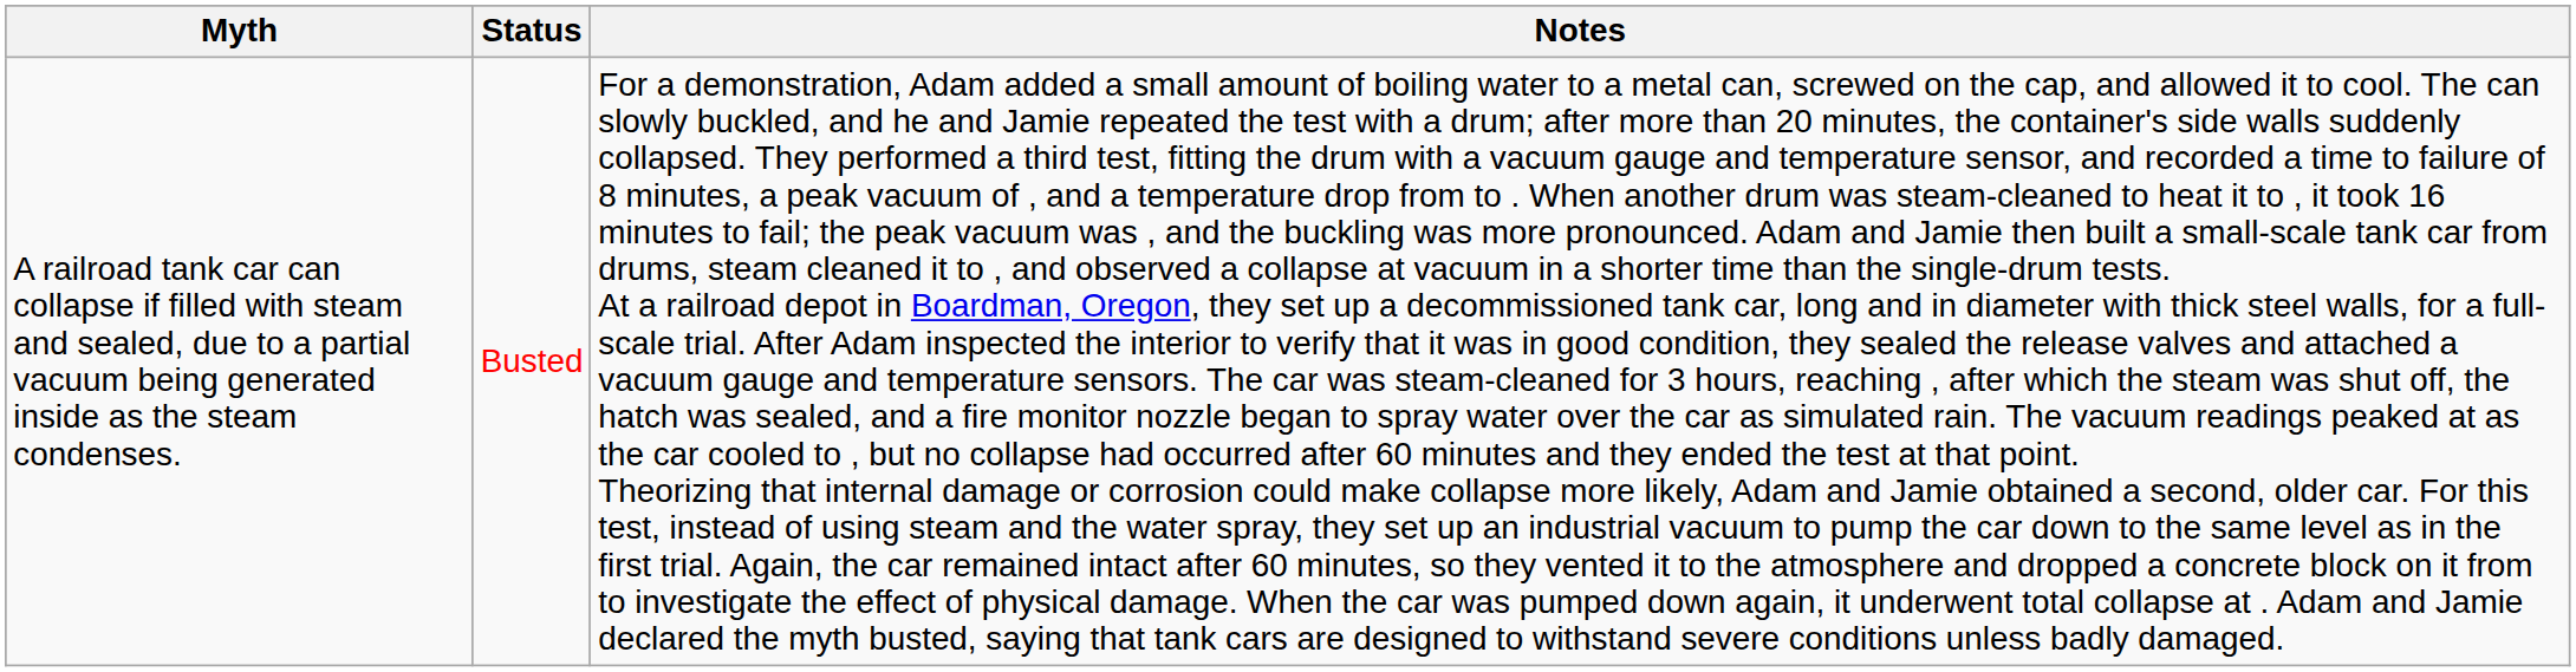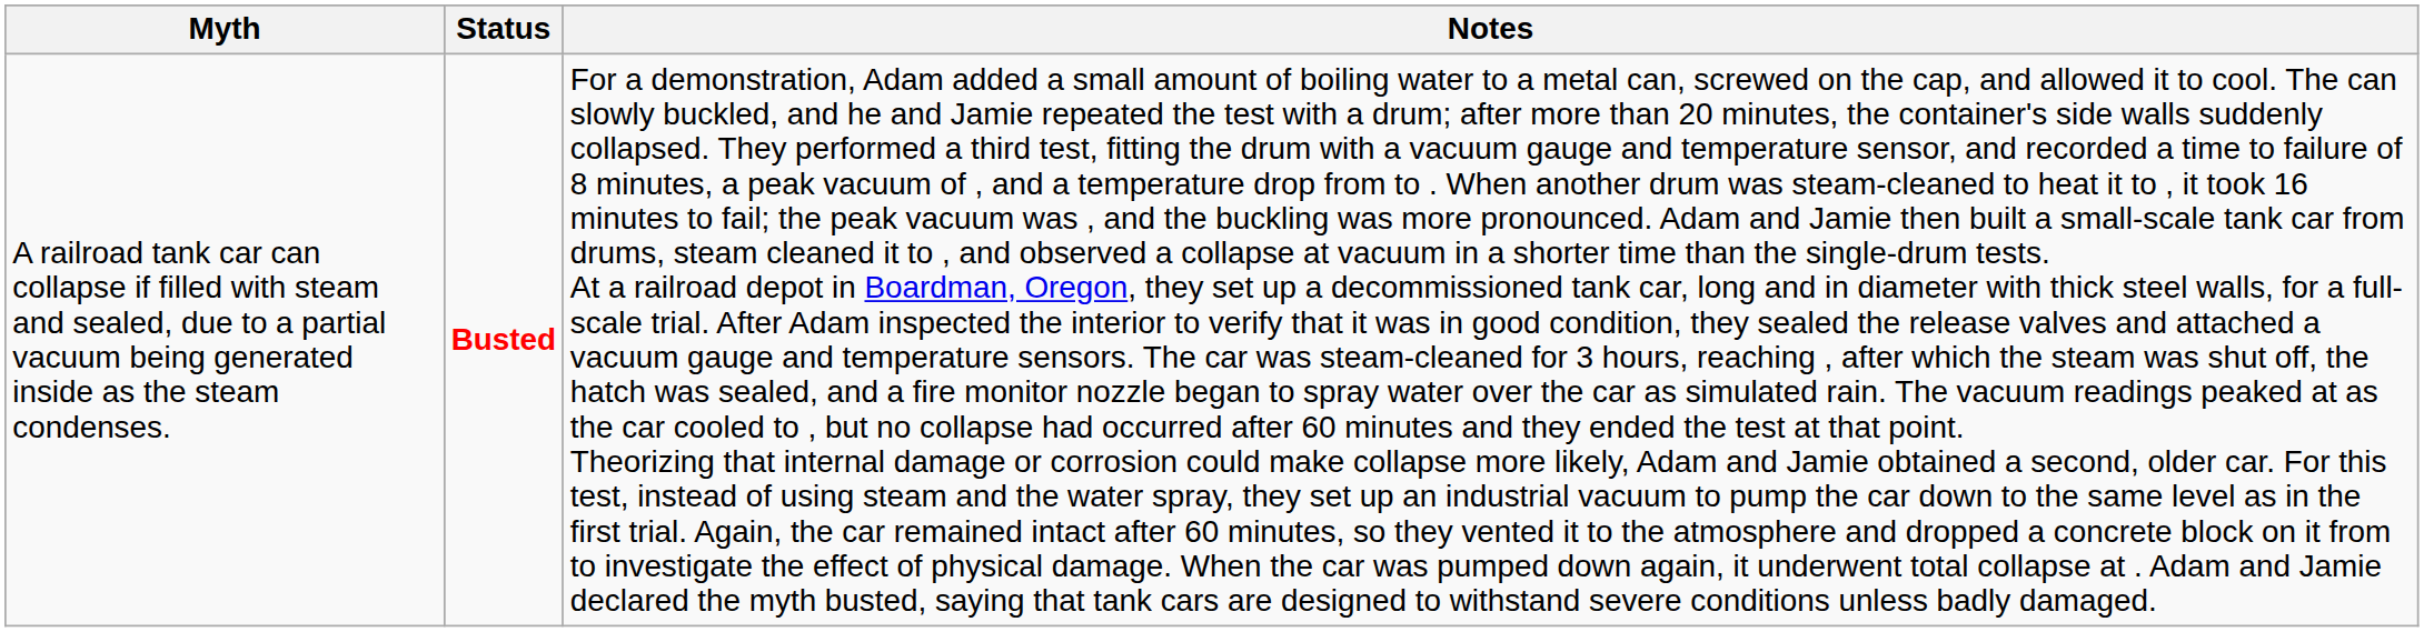 <table class="wikitable plainrowheaders">
 <tr>
 <th scope"col">Myth</th>
 <th scope"col">Status</th>
 <th scope"col">Notes</th>
 </tr>
 <tr>
 <td scope"row">A railroad tank car can collapse if filled with steam and sealed, due to a partial vacuum being generated inside as the steam condenses.</td>
-<td style="color:red">Busted</td>
+<td style="color:red"><strong>Busted</strong></td>
 <td>For a demonstration, Adam added a small amount of boiling water to a  metal can, screwed on the cap, and allowed it to cool. The can slowly buckled, and he and Jamie repeated the test with a  drum; after more than 20 minutes, the container's side walls suddenly collapsed. They performed a third test, fitting the drum with a vacuum gauge and temperature sensor, and recorded a time to failure of 8 minutes, a peak vacuum of , and a temperature drop from  to . When another drum was steam-cleaned to heat it to , it took 16 minutes to fail; the peak vacuum was , and the buckling was more pronounced. Adam and Jamie then built a small-scale tank car from drums, steam cleaned it to , and observed a collapse at  vacuum in a shorter time than the single-drum tests.<br>At a railroad depot in <a href='#'>Boardman, Oregon</a>, they set up a decommissioned tank car,  long and  in diameter with  thick steel walls, for a full-scale trial. After Adam inspected the interior to verify that it was in good condition, they sealed the release valves and attached a vacuum gauge and temperature sensors. The car was steam-cleaned for 3 hours, reaching , after which the steam was shut off, the hatch was sealed, and a fire monitor nozzle began to spray water over the car as simulated rain. The vacuum readings peaked at  as the car cooled to , but no collapse had occurred after 60 minutes and they ended the test at that point.<br>Theorizing that internal damage or corrosion could make collapse more likely, Adam and Jamie obtained a second, older car. For this test, instead of using steam and the water spray, they set up an industrial vacuum to pump the car down to the same level as in the first trial. Again, the car remained intact after 60 minutes, so they vented it to the atmosphere and dropped a  concrete block on it from  to investigate the effect of physical damage. When the car was pumped down again, it underwent total collapse at . Adam and Jamie declared the myth busted, saying that tank cars are designed to withstand severe conditions unless badly damaged.</td>
 </tr>
 </table>
